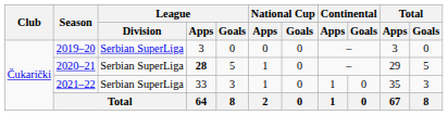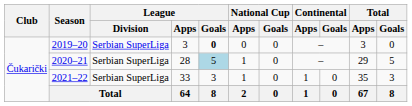 <table class="wikitable" style="text-align:center">
 <tr>
 <th rowspan=2>Club</th>
 <th rowspan=2>Season</th>
 <th colspan=3>League</th>
 <th colspan=2>National Cup</th>
 <th colspan=2>Continental</th>
 <th colspan=2>Total</th>
 </tr>
 <tr>
 <th>Division</th>
 <th>Apps</th>
 <th>Goals</th>
 <th>Apps</th>
 <th>Goals</th>
 <th>Apps</th>
 <th>Goals</th>
 <th>Apps</th>
 <th>Goals</th>
 </tr>
 <tr>
 <td rowspan=4><a href='#'>Čukarički</a></td>
 <td><a href='#'>2019–20</a></td>
 <td><a href='#'>Serbian SuperLiga</a></td>
 <td>3</td>
-<td>0</td>
+<td><strong>0</strong></td>
 <td>0</td>
 <td>0</td>
 <td colspan=2>–</td>
 <td>3</td>
 <td>0</td>
 </tr>
 <tr>
 <td><a href='#'>2020–21</a></td>
 <td>Serbian SuperLiga</td>
-<td><strong>28</strong></td>
-<td>5</td>
+<td>28</td>
+<td style="background: lightblue;">5</td>
 <td>1</td>
 <td>0</td>
 <td colspan=2>–</td>
 <td>29</td>
 <td>5</td>
 </tr>
 <tr>
 <td><a href='#'>2021–22</a></td>
 <td>Serbian SuperLiga</td>
 <td>33</td>
 <td>3</td>
 <td>1</td>
 <td>0</td>
 <td>1</td>
 <td>0</td>
 <td>35</td>
 <td>3</td>
 </tr>
 <tr>
 <th colspan=2>Total</th>
 <th>64</th>
 <th>8</th>
 <th>2</th>
 <th>0</th>
 <th>1</th>
 <th>0</th>
 <th>67</th>
 <th>8</th>
 </tr>
 </table>
